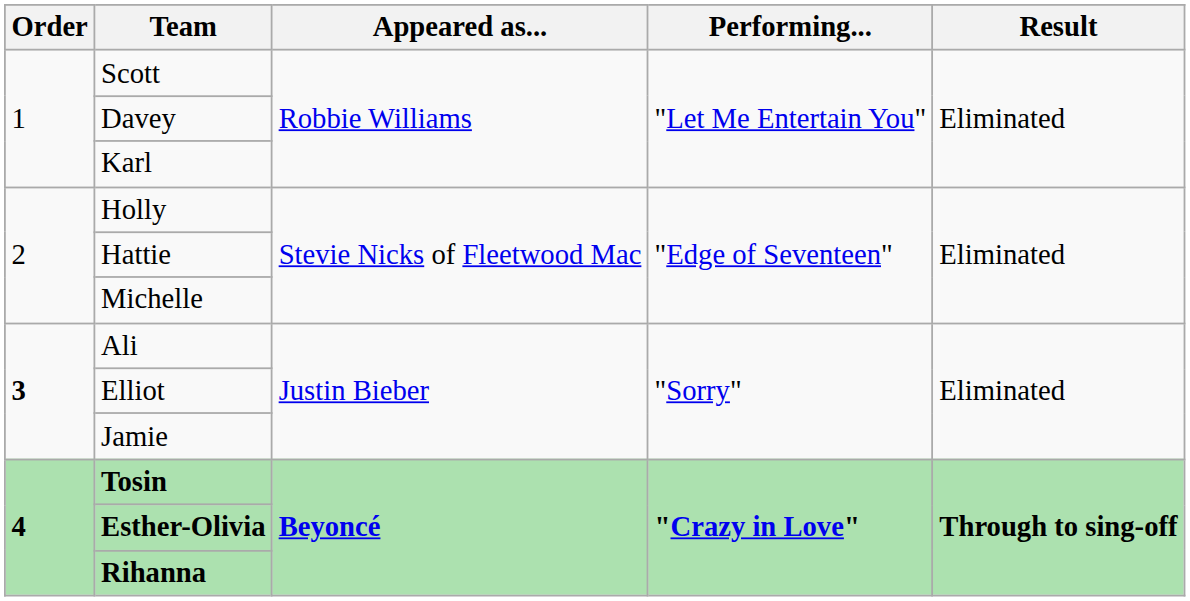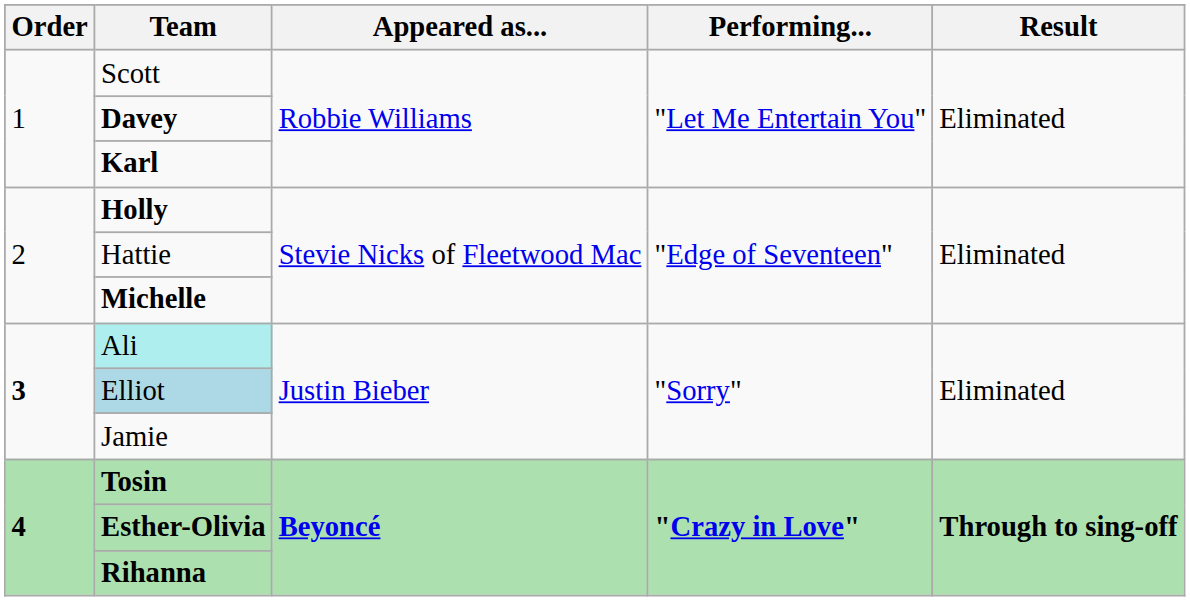 <table class="wikitable">
 <tr>
 <th>Order</th>
 <th>Team</th>
 <th>Appeared as...</th>
 <th>Performing...</th>
 <th>Result</th>
 </tr>
 <tr>
 <td rowspan="3">1</td>
 <td>Scott</td>
 <td rowspan="3"><a href='#'>Robbie Williams</a></td>
 <td rowspan="3">"<a href='#'>Let Me Entertain You</a>"</td>
 <td rowspan="3">Eliminated</td>
 </tr>
 <tr>
-<td>Davey</td>
+<td><strong>Davey</strong></td>
 </tr>
 <tr>
-<td>Karl</td>
+<td><strong>Karl</strong></td>
 </tr>
 <tr>
 <td rowspan="3">2</td>
-<td>Holly</td>
+<td><strong>Holly</strong></td>
 <td rowspan="3"><a href='#'>Stevie Nicks</a> of <a href='#'>Fleetwood Mac</a></td>
 <td rowspan="3">"<a href='#'>Edge of Seventeen</a>"</td>
 <td rowspan="3">Eliminated</td>
 </tr>
 <tr>
 <td>Hattie</td>
 </tr>
 <tr>
-<td>Michelle</td>
+<td><strong>Michelle</strong></td>
 </tr>
 <tr>
 <td rowspan="3"><strong>3</strong></td>
-<td>Ali</td>
+<td style="background: paleturquoise;">Ali</td>
 <td rowspan="3"><a href='#'>Justin Bieber</a></td>
 <td rowspan="3">"<a href='#'>Sorry</a>"</td>
 <td rowspan="3">Eliminated</td>
 </tr>
 <tr>
-<td>Elliot</td>
+<td style="background: lightblue;">Elliot</td>
 </tr>
 <tr>
 <td>Jamie</td>
 </tr>
 <tr style="background:#ACE1AF;">
 <td rowspan="3"><strong>4</strong></td>
 <td><strong>Tosin</strong></td>
 <td rowspan="3"><strong><a href='#'>Beyoncé</a></strong></td>
 <td rowspan="3"><strong>"<a href='#'>Crazy in Love</a>"</strong></td>
 <td rowspan="3"><strong>Through to sing-off</strong></td>
 </tr>
 <tr>
 <td style="background:#ACE1AF;"><strong>Esther-Olivia</strong></td>
 </tr>
 <tr>
 <td style="background:#ACE1AF;"><strong>Rihanna</strong></td>
 </tr>
 </table>
